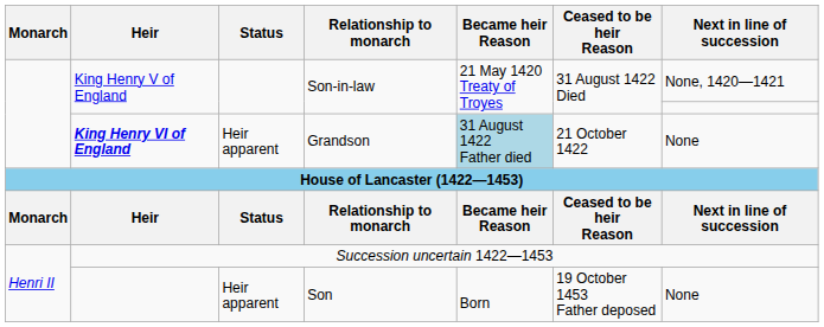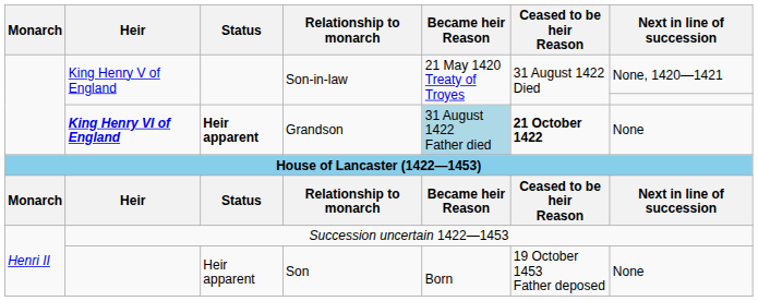 <table class="wikitable" style="font-size:95%">
 <tr>
 <th>Monarch</th>
 <th>Heir</th>
 <th>Status</th>
 <th>Relationship to monarch</th>
 <th>Became heir<br>Reason</th>
 <th>Ceased to be heir<br>Reason</th>
 <th>Next in line of succession</th>
 </tr>
 <tr>
 <td rowspan=3></td>
 <td rowspan=2><a href='#'>King Henry V of England</a></td>
 <td rowspan=2></td>
 <td rowspan=2>Son-in-law</td>
 <td rowspan=2>21 May 1420<br><a href='#'>Treaty of Troyes</a></td>
 <td rowspan=2>31 August 1422<br>Died</td>
 <td>None, 1420—1421</td>
 </tr>
 <tr>
 <td></td>
 </tr>
 <tr>
 <td><strong><em><a href='#'>King Henry VI of England</a></em></strong></td>
-<td>Heir apparent</td>
+<td><strong>Heir apparent</strong></td>
 <td>Grandson</td>
 <td style="background: lightblue;">31 August 1422<br>Father died</td>
-<td>21 October 1422<br></td>
+<td><strong>21 October 1422<br></strong></td>
 <td>None</td>
 </tr>
 <tr>
 <th colspan="7" style="background: skyblue;">House of Lancaster (1422—1453)</th>
 </tr>
 <tr>
 <th>Monarch</th>
 <th>Heir</th>
 <th>Status</th>
 <th>Relationship to monarch</th>
 <th>Became heir<br>Reason</th>
 <th>Ceased to be heir<br>Reason</th>
 <th>Next in line of succession</th>
 </tr>
 <tr>
 <td rowspan=2><em><a href='#'>Henri II</a></em></td>
 <td colspan=6 style="text-align:center"><em>Succession uncertain</em> 1422—1453</td>
 </tr>
 <tr>
 <td></td>
 <td>Heir apparent</td>
 <td>Son</td>
 <td><br>Born</td>
 <td>19 October 1453<br>Father deposed</td>
 <td>None</td>
 </tr>
 </table>
